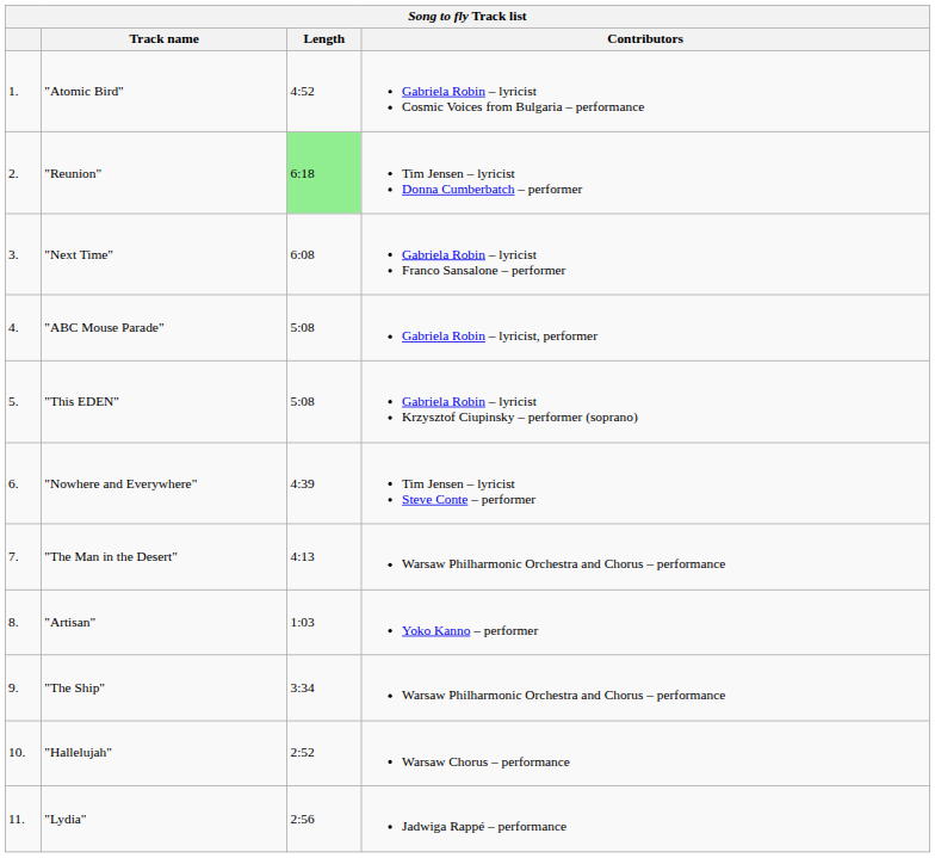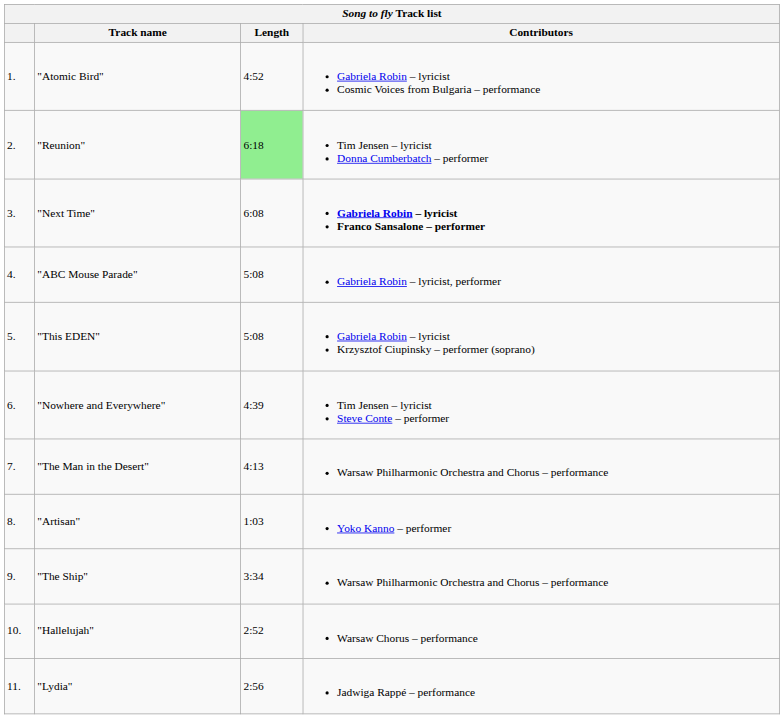 <table class="collapsible wikitable expanded" style="clear:none; font-size:90%; padding:0 auto; width:62%;" align="left">
 <tr>
 <th align="center" colspan="4"><em>Song to fly</em> Track list</th>
 </tr>
 <tr>
 <th></th>
 <th>Track name</th>
 <th>Length</th>
 <th>Contributors</th>
 </tr>
 <tr>
 <td>1.</td>
 <td>"Atomic Bird"</td>
 <td>4:52</td>
 <td><br><ul><li><a href='#'>Gabriela Robin</a> – lyricist</li><li>Cosmic Voices from Bulgaria – performance</li></ul></td>
 </tr>
 <tr>
 <td>2.</td>
 <td>"Reunion"</td>
 <td style="background: lightgreen;">6:18</td>
 <td><br><ul><li>Tim Jensen – lyricist</li><li><a href='#'>Donna Cumberbatch</a> – performer</li></ul></td>
 </tr>
 <tr>
 <td>3.</td>
 <td>"Next Time"</td>
 <td>6:08</td>
-<td><br><ul><li><a href='#'>Gabriela Robin</a> – lyricist</li><li>Franco Sansalone – performer</li></ul></td>
+<td><strong><br><ul><li><a href='#'>Gabriela Robin</a> – lyricist</li><li>Franco Sansalone – performer</li></ul></strong></td>
 </tr>
 <tr>
 <td>4.</td>
 <td>"ABC Mouse Parade"</td>
 <td>5:08</td>
 <td><br><ul><li><a href='#'>Gabriela Robin</a> – lyricist, performer</li></ul></td>
 </tr>
 <tr>
 <td>5.</td>
 <td>"This EDEN"</td>
 <td>5:08</td>
 <td><br><ul><li><a href='#'>Gabriela Robin</a> – lyricist</li><li>Krzysztof Ciupinsky – performer (soprano)</li></ul></td>
 </tr>
 <tr>
 <td>6.</td>
 <td>"Nowhere and Everywhere"</td>
 <td>4:39</td>
 <td><br><ul><li>Tim Jensen – lyricist</li><li><a href='#'>Steve Conte</a> – performer</li></ul></td>
 </tr>
 <tr>
 <td>7.</td>
 <td>"The Man in the Desert"</td>
 <td>4:13</td>
 <td><br><ul><li>Warsaw Philharmonic Orchestra and Chorus – performance</li></ul></td>
 </tr>
 <tr>
 <td>8.</td>
 <td>"Artisan"</td>
 <td>1:03</td>
 <td><br><ul><li><a href='#'>Yoko Kanno</a> – performer</li></ul></td>
 </tr>
 <tr>
 <td>9.</td>
 <td>"The Ship"</td>
 <td>3:34</td>
 <td><br><ul><li>Warsaw Philharmonic Orchestra and Chorus – performance</li></ul></td>
 </tr>
 <tr>
 <td>10.</td>
 <td>"Hallelujah"</td>
 <td>2:52</td>
 <td><br><ul><li>Warsaw Chorus – performance</li></ul></td>
 </tr>
 <tr>
 <td>11.</td>
 <td>"Lydia"</td>
 <td>2:56</td>
 <td><br><ul><li>Jadwiga Rappé – performance</li></ul></td>
 </tr>
 </table>
